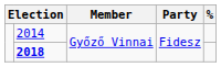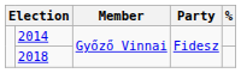 <table class=wikitable>
 <tr>
 <th colspan=2>Election</th>
 <th>Member</th>
 <th>Party</th>
 <th>%</th>
 </tr>
 <tr>
 <td rowspan=2 bgcolor=></td>
 <td><a href='#'>2014</a></td>
 <td rowspan=2><a href='#'>Győző Vinnai</a></td>
 <td rowspan=2><a href='#'>Fidesz</a></td>
 <td align=right></td>
 </tr>
 <tr>
-<td><strong><a href='#'>2018</a></strong></td>
+<td><a href='#'>2018</a></td>
 <td align=right></td>
 </tr>
 </table>
